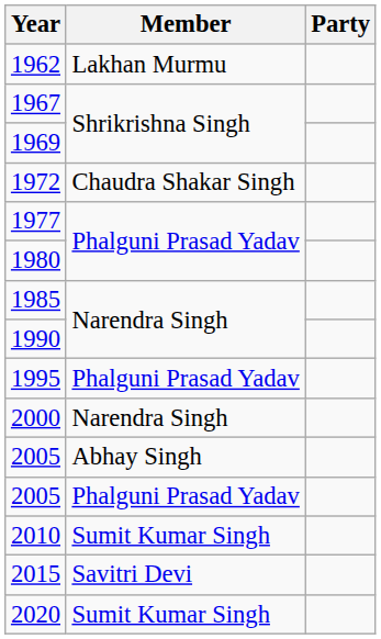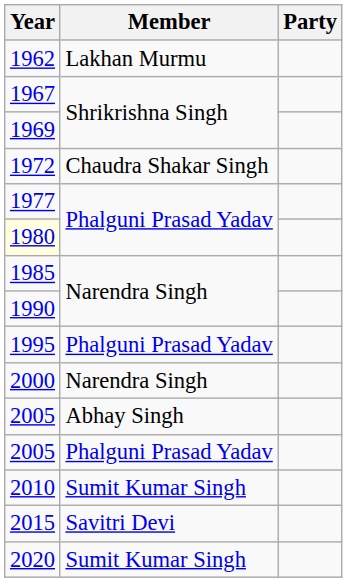 <table class="wikitable sortable">
 <tr>
 <th>Year</th>
 <th>Member</th>
 <th colspan="2">Party</th>
 </tr>
 <tr>
 <td><a href='#'>1962</a></td>
 <td>Lakhan Murmu</td>
 <td></td>
 </tr>
 <tr>
 <td><a href='#'>1967</a></td>
 <td rowspan="2">Shrikrishna Singh</td>
 <td></td>
 </tr>
 <tr>
 <td><a href='#'>1969</a></td>
 </tr>
 <tr>
 <td><a href='#'>1972</a></td>
 <td>Chaudra Shakar Singh</td>
 <td></td>
 </tr>
 <tr>
 <td><a href='#'>1977</a></td>
 <td rowspan="2"><a href='#'>Phalguni Prasad Yadav</a></td>
 <td></td>
 </tr>
 <tr>
-<td><a href='#'>1980</a></td>
+<td style="background: lightyellow;"><a href='#'>1980</a></td>
 <td></td>
 </tr>
 <tr>
 <td><a href='#'>1985</a></td>
 <td rowspan="2">Narendra Singh</td>
 <td></td>
 </tr>
 <tr>
 <td><a href='#'>1990</a></td>
 <td></td>
 </tr>
 <tr>
 <td><a href='#'>1995</a></td>
 <td><a href='#'>Phalguni Prasad Yadav</a></td>
 <td></td>
 </tr>
 <tr>
 <td><a href='#'>2000</a></td>
 <td>Narendra Singh</td>
 <td></td>
 </tr>
 <tr>
 <td><a href='#'>2005</a></td>
 <td>Abhay Singh</td>
 <td></td>
 </tr>
 <tr>
 <td><a href='#'>2005</a></td>
 <td><a href='#'>Phalguni Prasad Yadav</a></td>
 <td></td>
 </tr>
 <tr>
 <td><a href='#'>2010</a></td>
 <td><a href='#'>Sumit Kumar Singh</a></td>
 <td></td>
 </tr>
 <tr>
 <td><a href='#'>2015</a></td>
 <td><a href='#'>Savitri Devi</a></td>
 <td></td>
 </tr>
 <tr>
 <td><a href='#'>2020</a></td>
 <td><a href='#'>Sumit Kumar Singh</a></td>
 <td></td>
 </tr>
 </table>
